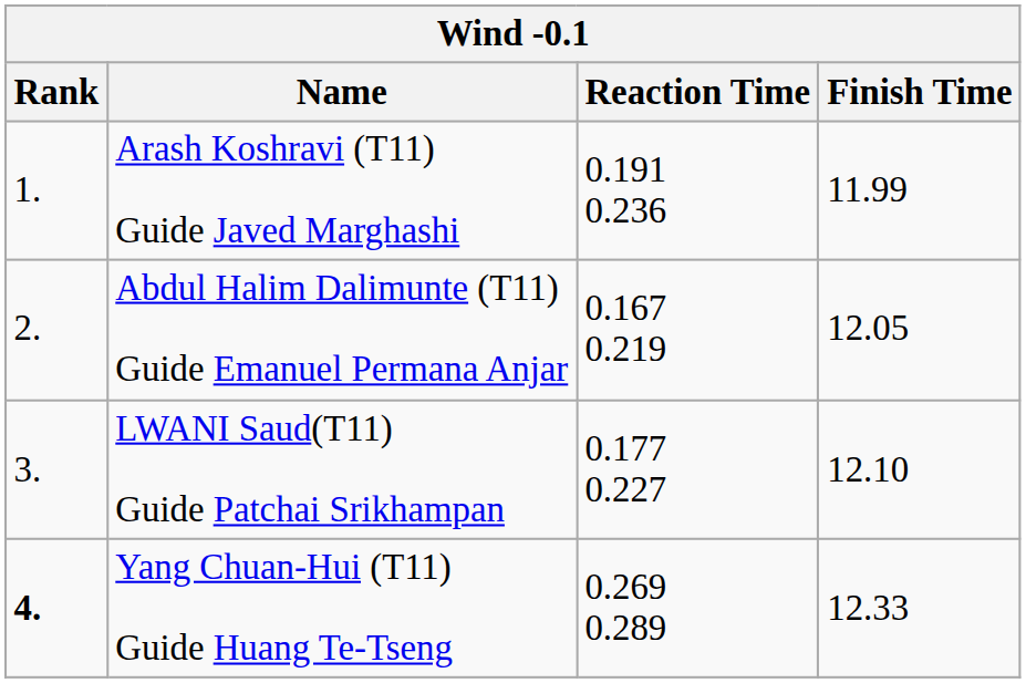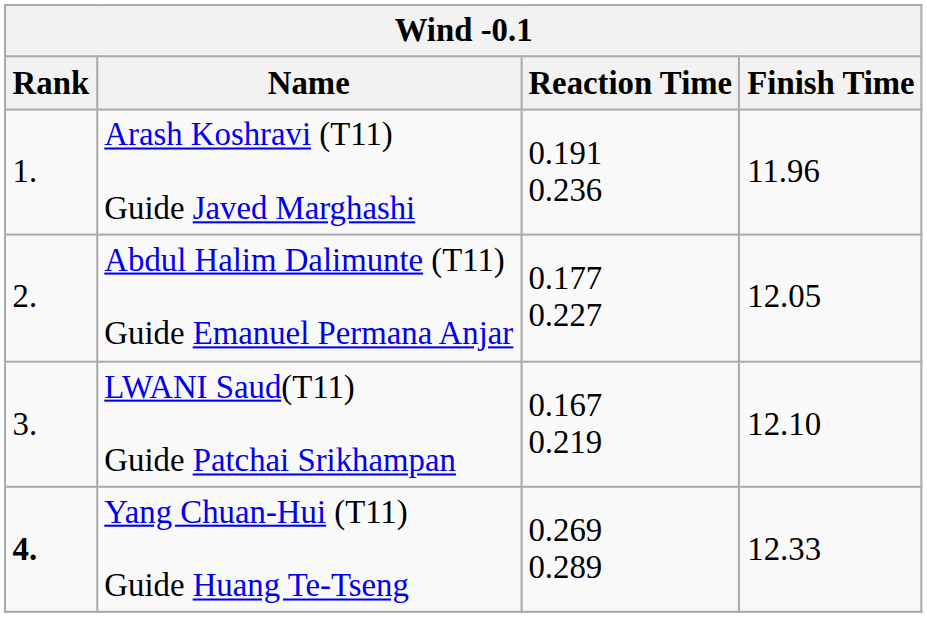 <table class="wikitable">
 <tr>
 <th colspan="4">Wind -0.1</th>
 </tr>
 <tr>
 <th>Rank</th>
 <th>Name</th>
 <th>Reaction Time</th>
 <th>Finish Time</th>
 </tr>
 <tr>
 <td>1.</td>
 <td><a href='#'>Arash Koshravi</a> (T11)<br><br>Guide <a href='#'>Javed Marghashi</a> <br></td>
 <td>0.191<br>0.236</td>
-<td>11.99</td>
+<td>11.96</td>
 </tr>
 <tr>
 <td>2.</td>
 <td><a href='#'>Abdul Halim Dalimunte</a> (T11)<br><br> Guide <a href='#'>Emanuel Permana Anjar</a> <br> </td>
-<td>0.167<br>0.219</td>
+<td>0.177<br>0.227</td>
 <td>12.05</td>
 </tr>
 <tr>
 <td>3.</td>
 <td><a href='#'>LWANI Saud</a>(T11)<br><br>Guide <a href='#'>Patchai Srikhampan</a> <br></td>
-<td>0.177<br>0.227</td>
+<td>0.167<br>0.219</td>
 <td>12.10</td>
 </tr>
 <tr>
 <td><strong>4.</strong></td>
 <td><a href='#'>Yang Chuan-Hui</a> (T11)<br><br> Guide <a href='#'>Huang Te-Tseng</a> <br> </td>
 <td>0.269<br>0.289</td>
 <td>12.33</td>
 </tr>
 </table>
